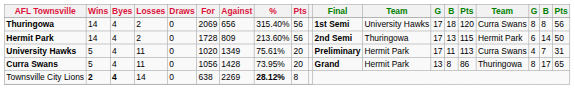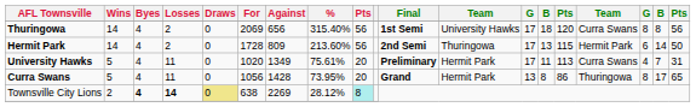 <table class="wikitable" style="font-size: 85%; text-align: left">
 <tr>
 <th style="color:crimson">AFL Townsville</th>
 <th style="color:crimson">Wins</th>
 <th style="color:crimson">Byes</th>
 <th style="color:crimson">Losses</th>
 <th style="color:crimson">Draws</th>
 <th style="color:crimson">For</th>
 <th style="color:crimson">Against</th>
 <th style="color:crimson">%</th>
 <th style="color:crimson">Pts</th>
 <th></th>
 <th style="color:green">Final</th>
 <th style="color:green">Team</th>
 <th style="color:green">G</th>
 <th style="color:green">B</th>
 <th style="color:green">Pts</th>
 <th style="color:green">Team</th>
 <th style="color:green">G</th>
 <th style="color:green">B</th>
 <th style="color:green">Pts</th>
 </tr>
 <tr>
 </tr>
 <tr>
 </tr>
 <tr>
 <td><strong>	Thuringowa	</strong></td>
 <td>14</td>
 <td>4</td>
 <td>2</td>
 <td>0</td>
 <td>2069</td>
 <td>656</td>
 <td>315.40%</td>
 <td>56</td>
 <td></td>
 <td><strong>1st Semi</strong></td>
 <td>University Hawks</td>
 <td>17</td>
 <td>18</td>
 <td>120</td>
 <td>Curra Swans</td>
 <td>8</td>
 <td>8</td>
 <td>56</td>
 </tr>
 <tr>
 <td><strong>	Hermit Park	</strong></td>
 <td>14</td>
 <td>4</td>
 <td>2</td>
 <td>0</td>
 <td>1728</td>
 <td>809</td>
 <td>213.60%</td>
 <td>56</td>
 <td></td>
 <td><strong>2nd Semi</strong></td>
 <td>Thuringowa</td>
 <td>17</td>
 <td>13</td>
 <td>115</td>
 <td>Hermit Park</td>
 <td>6</td>
 <td>14</td>
 <td>50</td>
 </tr>
 <tr ||>
 <td><strong>	University Hawks	</strong></td>
 <td>5</td>
 <td>4</td>
 <td>11</td>
 <td>0</td>
 <td>1020</td>
 <td>1349</td>
 <td>75.61%</td>
 <td>20</td>
 <td></td>
 <td><strong>Preliminary</strong></td>
 <td>Hermit Park</td>
 <td>17</td>
 <td>11</td>
 <td>113</td>
 <td>Curra Swans</td>
 <td>4</td>
 <td>7</td>
 <td>31</td>
 </tr>
 <tr>
 <td><strong>	Curra Swans	</strong></td>
 <td>5</td>
 <td>4</td>
 <td>11</td>
 <td>0</td>
 <td>1056</td>
 <td>1428</td>
 <td>73.95%</td>
 <td>20</td>
 <td></td>
 <td><strong>Grand</strong></td>
 <td>Hermit Park</td>
 <td>13</td>
 <td>8</td>
 <td>86</td>
 <td>Thuringowa</td>
 <td>8</td>
 <td>17</td>
 <td>65</td>
 </tr>
 <tr>
 <td>Townsville City Lions</td>
-<td><strong>2</strong></td>
+<td>2</td>
 <td><strong>4</strong></td>
-<td>14</td>
-<td>0</td>
+<td><strong>14</strong></td>
+<td style="background: khaki;">0</td>
 <td>638</td>
 <td>2269</td>
-<td><strong>28.12%</strong></td>
-<td>8</td>
+<td>28.12%</td>
+<td style="background: paleturquoise;">8</td>
 <td></td>
 </tr>
 <tr>
 </tr>
 </table>
